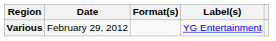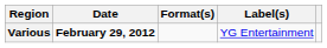 <table class="wikitable plainrowheaders">
 <tr>
 <th>Region</th>
 <th>Date</th>
 <th>Format(s)</th>
 <th>Label(s)</th>
 <th></th>
 </tr>
 <tr>
 <th scope="row">Various</th>
-<td>February 29, 2012</td>
+<td><strong>February 29, 2012</strong></td>
 <td rowspan="2"></td>
 <td><a href='#'>YG Entertainment</a></td>
 <td align="center"></td>
 </tr>
 </table>
